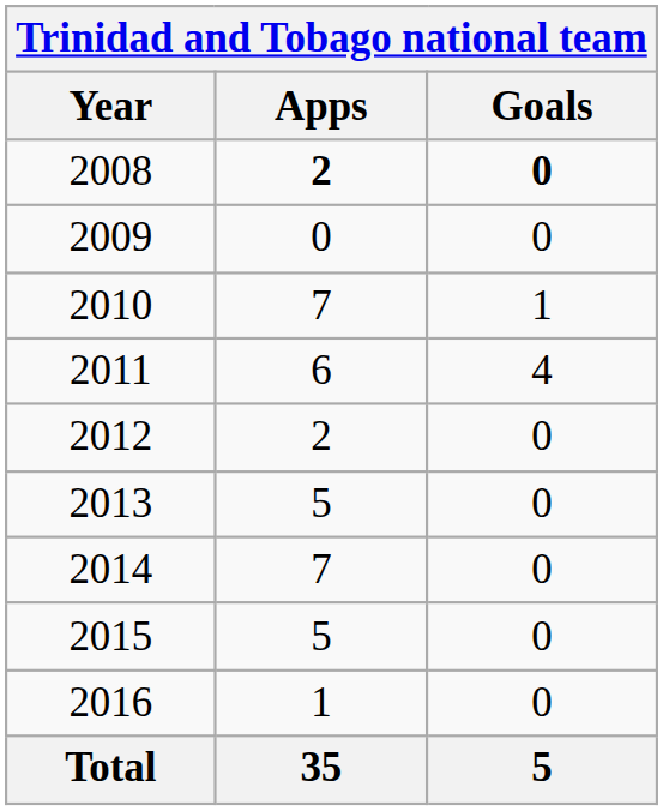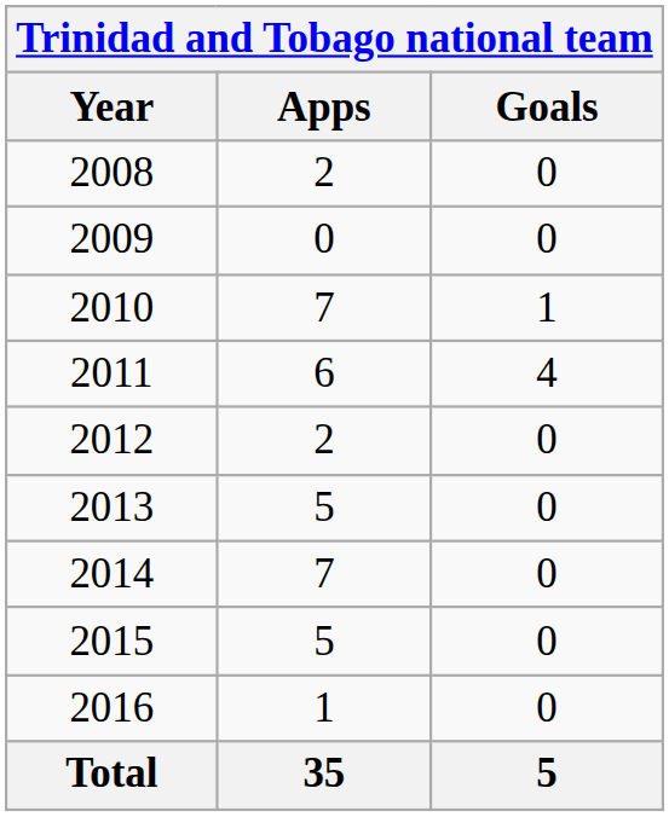 <table class="wikitable" style="text-align:center">
 <tr>
 <th colspan=3><a href='#'>Trinidad and Tobago national team</a></th>
 </tr>
 <tr>
 <th>Year</th>
 <th>Apps</th>
 <th>Goals</th>
 </tr>
 <tr>
 <td>2008</td>
-<td><strong>2</strong></td>
-<td><strong>0</strong></td>
+<td>2</td>
+<td>0</td>
 </tr>
 <tr>
 <td>2009</td>
 <td>0</td>
 <td>0</td>
 </tr>
 <tr>
 <td>2010</td>
 <td>7</td>
 <td>1</td>
 </tr>
 <tr>
 <td>2011</td>
 <td>6</td>
 <td>4</td>
 </tr>
 <tr>
 <td>2012</td>
 <td>2</td>
 <td>0</td>
 </tr>
 <tr>
 <td>2013</td>
 <td>5</td>
 <td>0</td>
 </tr>
 <tr>
 <td>2014</td>
 <td>7</td>
 <td>0</td>
 </tr>
 <tr>
 <td>2015</td>
 <td>5</td>
 <td>0</td>
 </tr>
 <tr>
 <td>2016</td>
 <td>1</td>
 <td>0</td>
 </tr>
 <tr>
 <th>Total</th>
 <th>35</th>
 <th>5</th>
 </tr>
 </table>
